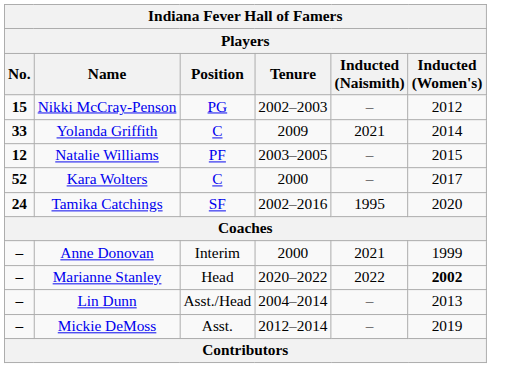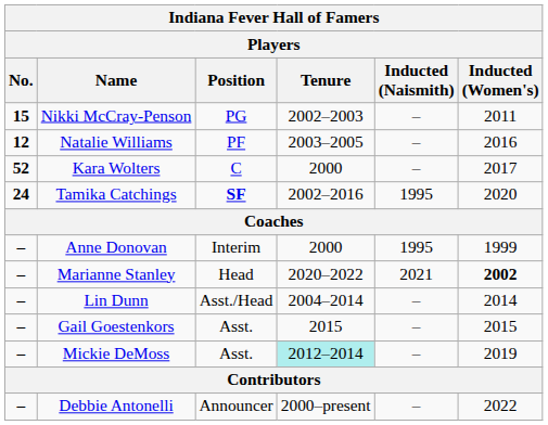 <table class="wikitable" style="text-align:center">
 <tr>
 <th colspan=6>Indiana Fever Hall of Famers</th>
 </tr>
 <tr>
 <th colspan=6>Players</th>
 </tr>
 <tr>
 <th>No.</th>
 <th>Name</th>
 <th>Position</th>
 <th>Tenure</th>
 <th>Inducted<br>(Naismith)</th>
 <th>Inducted<br>(Women's)</th>
 </tr>
 <tr>
 <td><strong>15</strong></td>
 <td><a href='#'>Nikki McCray-Penson</a></td>
 <td><a href='#'>PG</a></td>
 <td>2002–2003</td>
 <td>–</td>
-<td>2012</td>
-</tr>
-<tr>
-<td><strong>33</strong></td>
-<td><a href='#'>Yolanda Griffith</a></td>
-<td><a href='#'>C</a></td>
-<td>2009</td>
-<td>2021</td>
-<td>2014</td>
+<td>2011</td>
 </tr>
 <tr>
 <td><strong>12</strong></td>
 <td><a href='#'>Natalie Williams</a></td>
 <td><a href='#'>PF</a></td>
 <td>2003–2005</td>
 <td>–</td>
-<td>2015</td>
+<td>2016</td>
 </tr>
 <tr>
 <td><strong>52</strong></td>
 <td><a href='#'>Kara Wolters</a></td>
 <td><a href='#'>C</a></td>
 <td>2000</td>
 <td>–</td>
 <td>2017</td>
 </tr>
 <tr>
 <td><strong>24</strong></td>
 <td><a href='#'>Tamika Catchings</a></td>
-<td><a href='#'>SF</a></td>
+<td><strong><a href='#'>SF</a></strong></td>
 <td>2002–2016</td>
 <td>1995</td>
 <td>2020</td>
 </tr>
 <tr>
 <th colspan=6>Coaches</th>
 </tr>
 <tr>
 <td><strong>–</strong></td>
 <td><a href='#'>Anne Donovan</a></td>
 <td>Interim</td>
 <td>2000</td>
-<td>2021</td>
+<td>1995</td>
 <td>1999</td>
 </tr>
 <tr>
 <td><strong>–</strong></td>
 <td><a href='#'>Marianne Stanley</a></td>
 <td>Head</td>
 <td>2020–2022</td>
-<td>2022</td>
+<td>2021</td>
 <td><strong>2002</strong></td>
 </tr>
 <tr>
 <td><strong>–</strong></td>
 <td><a href='#'>Lin Dunn</a></td>
 <td>Asst./Head</td>
 <td>2004–2014</td>
 <td>–</td>
-<td>2013</td>
+<td>2014</td>
+</tr>
+<tr>
+<td><strong>–</strong></td>
+<td><a href='#'>Gail Goestenkors</a></td>
+<td>Asst.</td>
+<td>2015</td>
+<td>–</td>
+<td>2015</td>
 </tr>
 <tr>
 <td><strong>–</strong></td>
 <td><a href='#'>Mickie DeMoss</a></td>
 <td>Asst.</td>
-<td>2012–2014</td>
+<td style="background: paleturquoise;">2012–2014</td>
 <td>–</td>
 <td>2019</td>
 </tr>
 <tr>
 <th colspan=6>Contributors</th>
 </tr>
+<tr>
+<td><strong>–</strong></td>
+<td><a href='#'>Debbie Antonelli</a></td>
+<td>Announcer</td>
+<td>2000–present</td>
+<td>–</td>
+<td>2022</td>
+</tr>
 </table>
